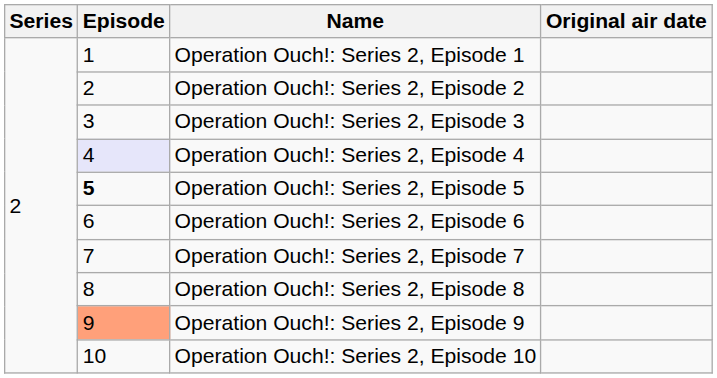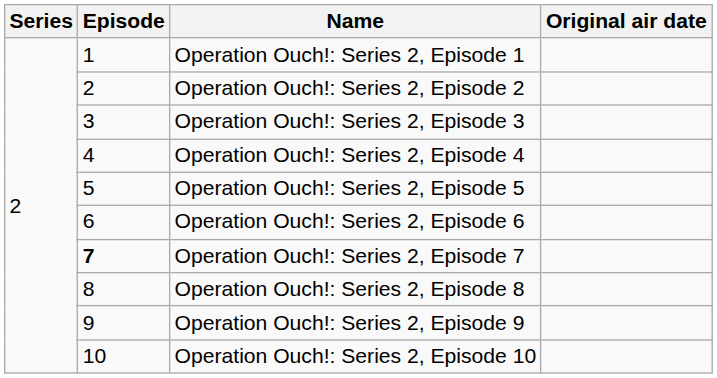 <table class="wikitable">
 <tr>
 <th>Series</th>
 <th>Episode</th>
 <th>Name</th>
 <th>Original air date</th>
 </tr>
 <tr>
 <td rowspan="10">2</td>
 <td>1</td>
 <td>Operation Ouch!: Series 2, Episode 1</td>
 <td></td>
 </tr>
 <tr>
 <td>2</td>
 <td>Operation Ouch!: Series 2, Episode 2</td>
 <td></td>
 </tr>
 <tr>
 <td>3</td>
 <td>Operation Ouch!: Series 2, Episode 3</td>
 <td></td>
 </tr>
 <tr>
-<td style="background: lavender;">4</td>
+<td>4</td>
 <td>Operation Ouch!: Series 2, Episode 4</td>
 <td></td>
 </tr>
 <tr>
-<td><strong>5</strong></td>
+<td>5</td>
 <td>Operation Ouch!: Series 2, Episode 5</td>
 <td></td>
 </tr>
 <tr>
 <td>6</td>
 <td>Operation Ouch!: Series 2, Episode 6</td>
 <td></td>
 </tr>
 <tr>
-<td>7</td>
+<td><strong>7</strong></td>
 <td>Operation Ouch!: Series 2, Episode 7</td>
 <td></td>
 </tr>
 <tr>
 <td>8</td>
 <td>Operation Ouch!: Series 2, Episode 8</td>
 <td></td>
 </tr>
 <tr>
-<td style="background: lightsalmon;">9</td>
+<td>9</td>
 <td>Operation Ouch!: Series 2, Episode 9</td>
 <td></td>
 </tr>
 <tr>
 <td>10</td>
 <td>Operation Ouch!: Series 2, Episode 10</td>
 <td></td>
 </tr>
 </table>
